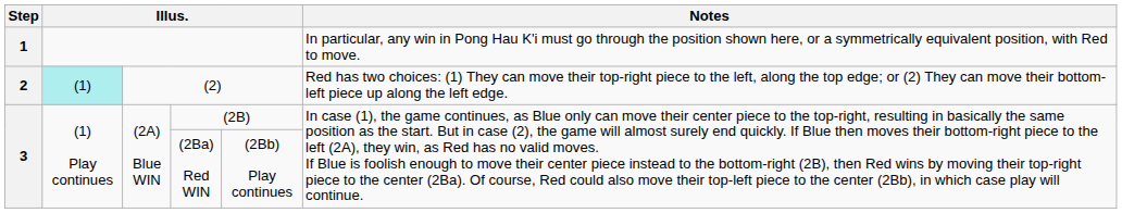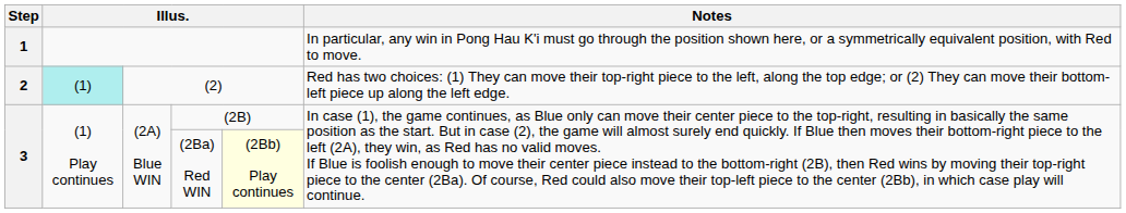 <table class="wikitable" style="font-size:100%;text-align:left;">
 <tr>
 <th>Step</th>
 <th colspan=4>Illus.</th>
 <th>Notes</th>
 </tr>
 <tr>
 <th>1</th>
 <td colspan=4 style="text-align:center;"></td>
 <td>In particular, any win in Pong Hau K'i must go through the position shown here, or a symmetrically equivalent position, with Red to move.</td>
 </tr>
 <tr style="text-align:center;">
 <th>2</th>
 <td style="background: paleturquoise;">(1)<br></td>
 <td colspan=3>(2)<br></td>
 <td style="text-align:left;">Red has two choices: (1) They can move their top-right piece to the left, along the top edge; or (2) They can move their bottom-left piece up along the left edge.</td>
 </tr>
 <tr style="text-align:center;">
 <th rowspan=2>3</th>
 <td rowspan=2>(1)<br><br>Play continues</td>
 <td rowspan=2>(2A)<br><br>Blue WIN</td>
 <td colspan=2>(2B)<br></td>
 <td rowspan=2 style="text-align:left;">In case (1), the game continues, as Blue only can move their center piece to the top-right, resulting in basically the same position as the start. But in case (2), the game will almost surely end quickly. If Blue then moves their bottom-right piece to the left (2A), they win, as Red has no valid moves.<br>If Blue is foolish enough to move their center piece instead to the bottom-right (2B), then Red wins by moving their top-right piece to the center (2Ba). Of course, Red could also move their top-left piece to the center (2Bb), in which case play will continue.</td>
 </tr>
 <tr style="text-align:center;">
 <td>(2Ba)<br><br>Red WIN</td>
-<td>(2Bb)<br><br>Play continues</td>
+<td style="background: lightyellow;">(2Bb)<br><br>Play continues</td>
 </tr>
 </table>
